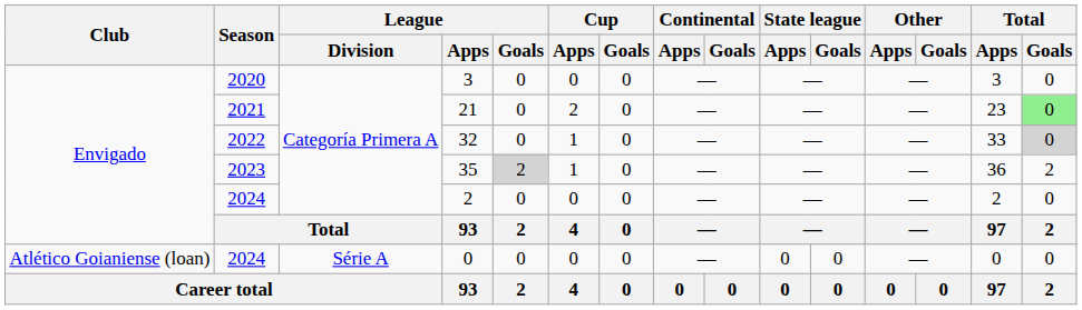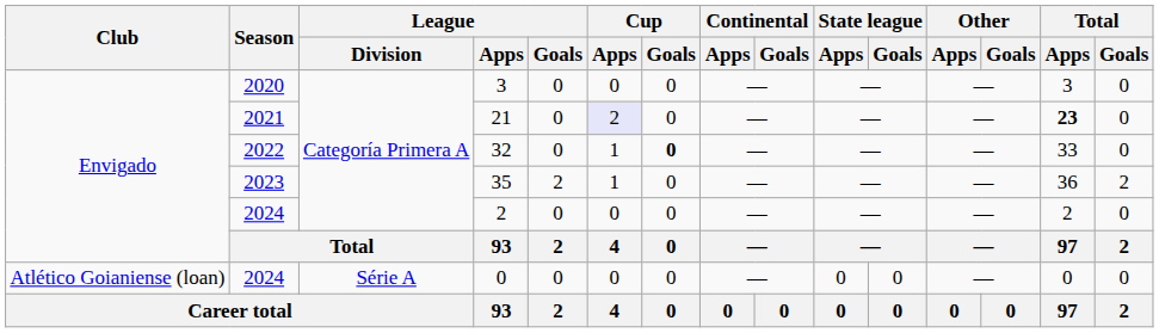 <table class="wikitable" style="text-align: center;">
 <tr>
 <th rowspan="2">Club</th>
 <th rowspan="2">Season</th>
 <th colspan="3">League</th>
 <th colspan="2">Cup</th>
 <th colspan="2">Continental</th>
 <th colspan="2">State league</th>
 <th colspan="2">Other</th>
 <th colspan="2">Total</th>
 </tr>
 <tr>
 <th>Division</th>
 <th>Apps</th>
 <th>Goals</th>
 <th>Apps</th>
 <th>Goals</th>
 <th>Apps</th>
 <th>Goals</th>
 <th>Apps</th>
 <th>Goals</th>
 <th>Apps</th>
 <th>Goals</th>
 <th>Apps</th>
 <th>Goals</th>
 </tr>
 <tr>
 <td rowspan="6"><a href='#'>Envigado</a></td>
 <td><a href='#'>2020</a></td>
 <td rowspan="5"><a href='#'>Categoría Primera A</a></td>
 <td>3</td>
 <td>0</td>
 <td>0</td>
 <td>0</td>
 <td colspan="2">—</td>
 <td colspan="2">—</td>
 <td colspan="2">—</td>
 <td>3</td>
 <td>0</td>
 </tr>
 <tr>
 <td><a href='#'>2021</a></td>
 <td>21</td>
 <td>0</td>
-<td>2</td>
+<td style="background: lavender;">2</td>
 <td>0</td>
 <td colspan="2">—</td>
 <td colspan="2">—</td>
 <td colspan="2">—</td>
-<td>23</td>
-<td style="background: lightgreen;">0</td>
+<td><strong>23</strong></td>
+<td>0</td>
 </tr>
 <tr>
 <td><a href='#'>2022</a></td>
 <td>32</td>
 <td>0</td>
 <td>1</td>
-<td>0</td>
+<td><strong>0</strong></td>
 <td colspan="2">—</td>
 <td colspan="2">—</td>
 <td colspan="2">—</td>
 <td>33</td>
-<td style="background: lightgrey;">0</td>
+<td>0</td>
 </tr>
 <tr>
 <td><a href='#'>2023</a></td>
 <td>35</td>
-<td style="background: lightgrey;">2</td>
+<td>2</td>
 <td>1</td>
 <td>0</td>
 <td colspan="2">—</td>
 <td colspan="2">—</td>
 <td colspan="2">—</td>
 <td>36</td>
 <td>2</td>
 </tr>
 <tr>
 <td><a href='#'>2024</a></td>
 <td>2</td>
 <td>0</td>
 <td>0</td>
 <td>0</td>
 <td colspan="2">—</td>
 <td colspan="2">—</td>
 <td colspan="2">—</td>
 <td>2</td>
 <td>0</td>
 </tr>
 <tr>
 <th colspan="2">Total</th>
 <th>93</th>
 <th>2</th>
 <th>4</th>
 <th>0</th>
 <th colspan="2">—</th>
 <th colspan="2">—</th>
 <th colspan="2">—</th>
 <th>97</th>
 <th>2</th>
 </tr>
 <tr>
 <td><a href='#'>Atlético Goianiense</a> (loan)</td>
 <td><a href='#'>2024</a></td>
 <td><a href='#'>Série A</a></td>
 <td>0</td>
 <td>0</td>
 <td>0</td>
 <td>0</td>
 <td colspan="2">—</td>
 <td>0</td>
 <td>0</td>
 <td colspan="2">—</td>
 <td>0</td>
 <td>0</td>
 </tr>
 <tr>
 <th colspan="3">Career total</th>
 <th>93</th>
 <th>2</th>
 <th>4</th>
 <th>0</th>
 <th>0</th>
 <th>0</th>
 <th>0</th>
 <th>0</th>
 <th>0</th>
 <th>0</th>
 <th>97</th>
 <th>2</th>
 </tr>
 </table>
